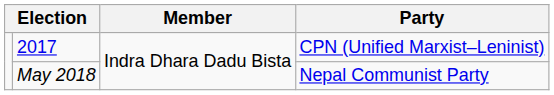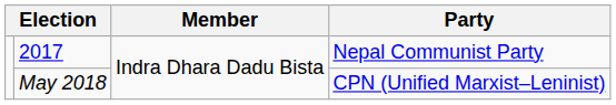 <table class="wikitable">
 <tr>
 <th colspan="2">Election</th>
 <th>Member</th>
 <th>Party</th>
 </tr>
 <tr>
 <td rowspan="2" style="background-color:"></td>
 <td><a href='#'>2017</a></td>
 <td rowspan="2">Indra Dhara Dadu Bista</td>
-<td><a href='#'>CPN (Unified Marxist–Leninist)</a></td>
+<td><a href='#'>Nepal Communist Party</a></td>
 </tr>
 <tr>
 <td><em>May 2018</em></td>
-<td><a href='#'>Nepal Communist Party</a></td>
+<td><a href='#'>CPN (Unified Marxist–Leninist)</a></td>
 </tr>
 </table>
